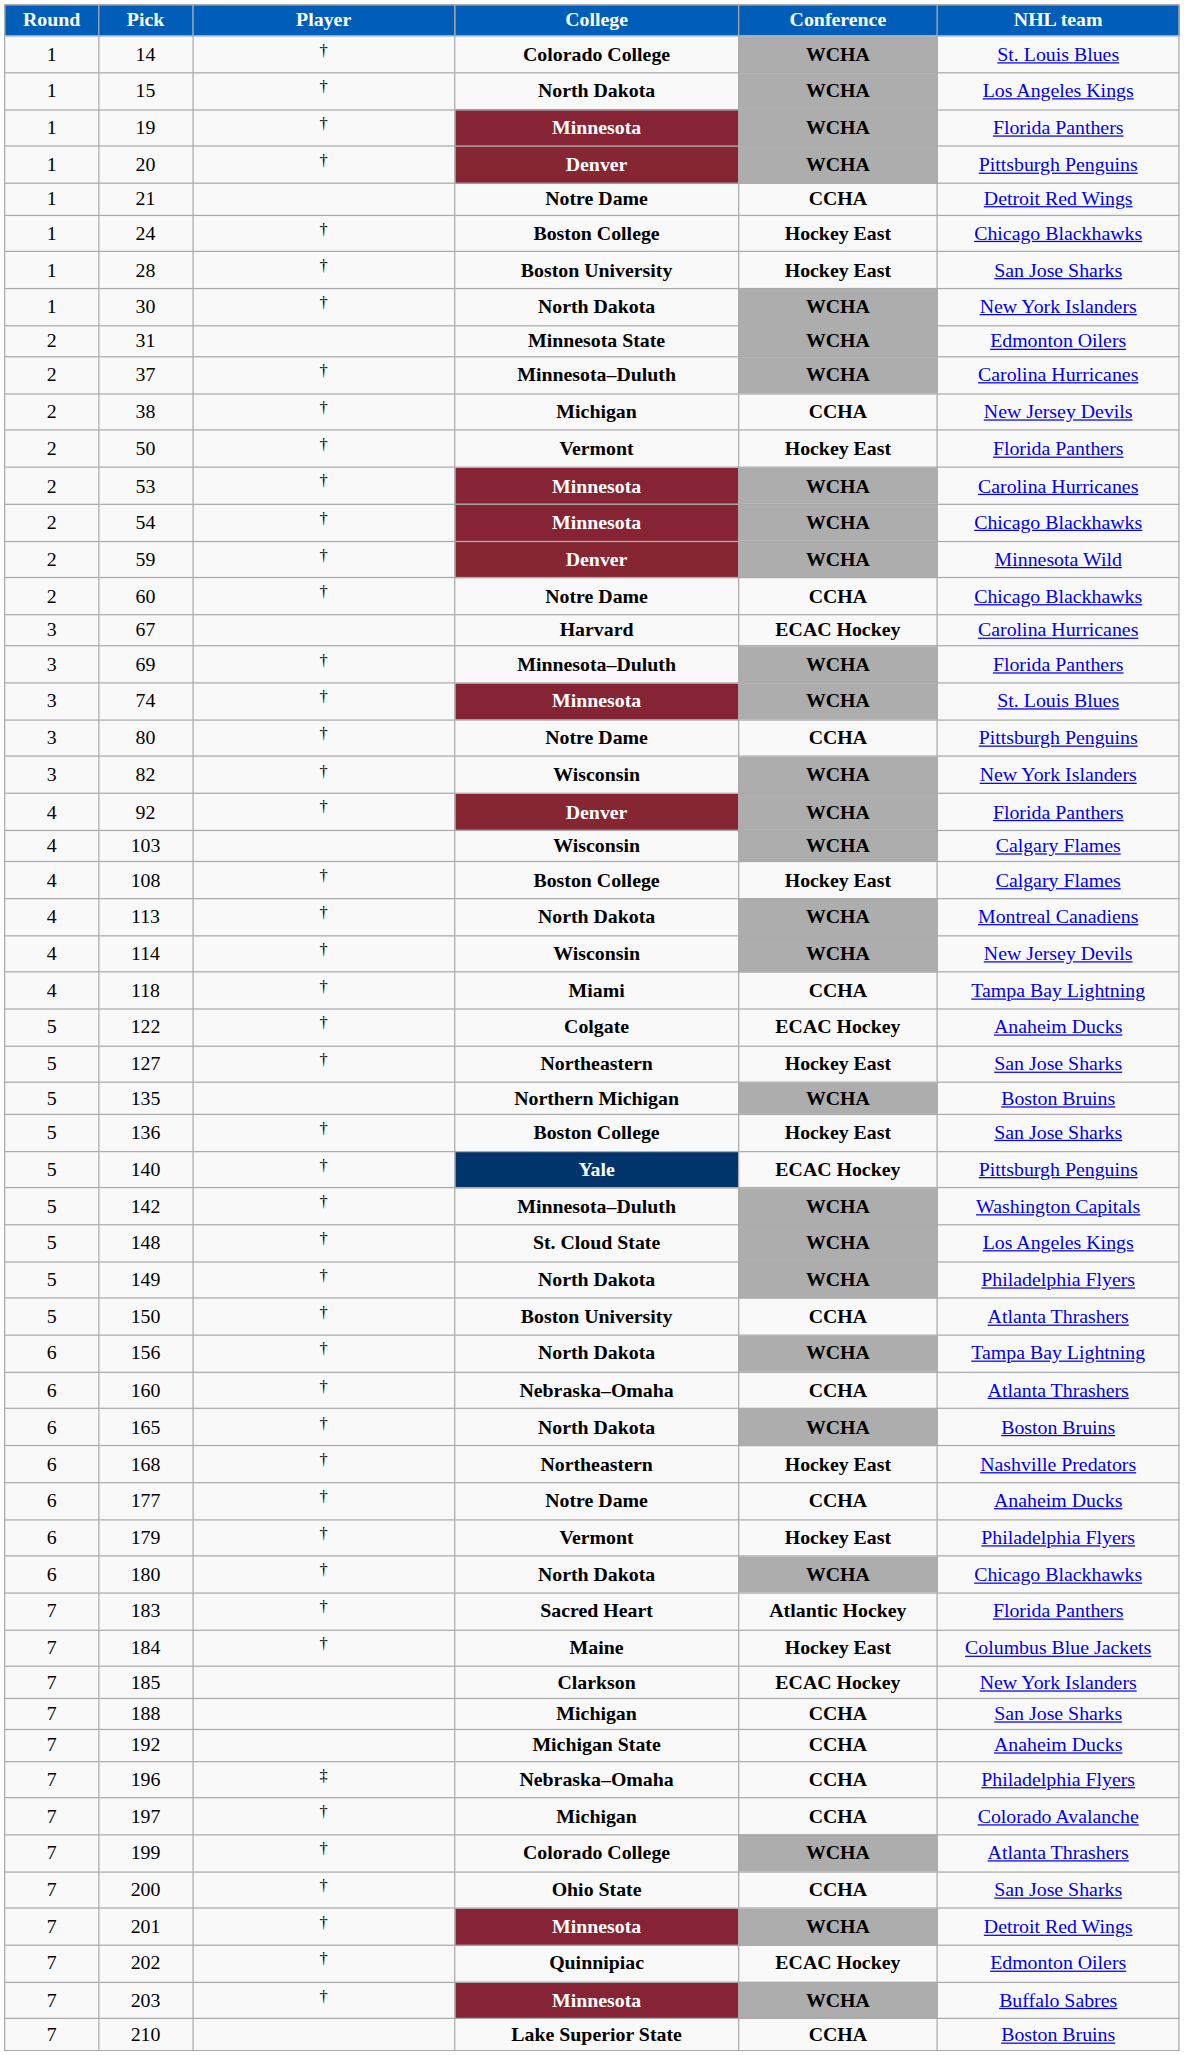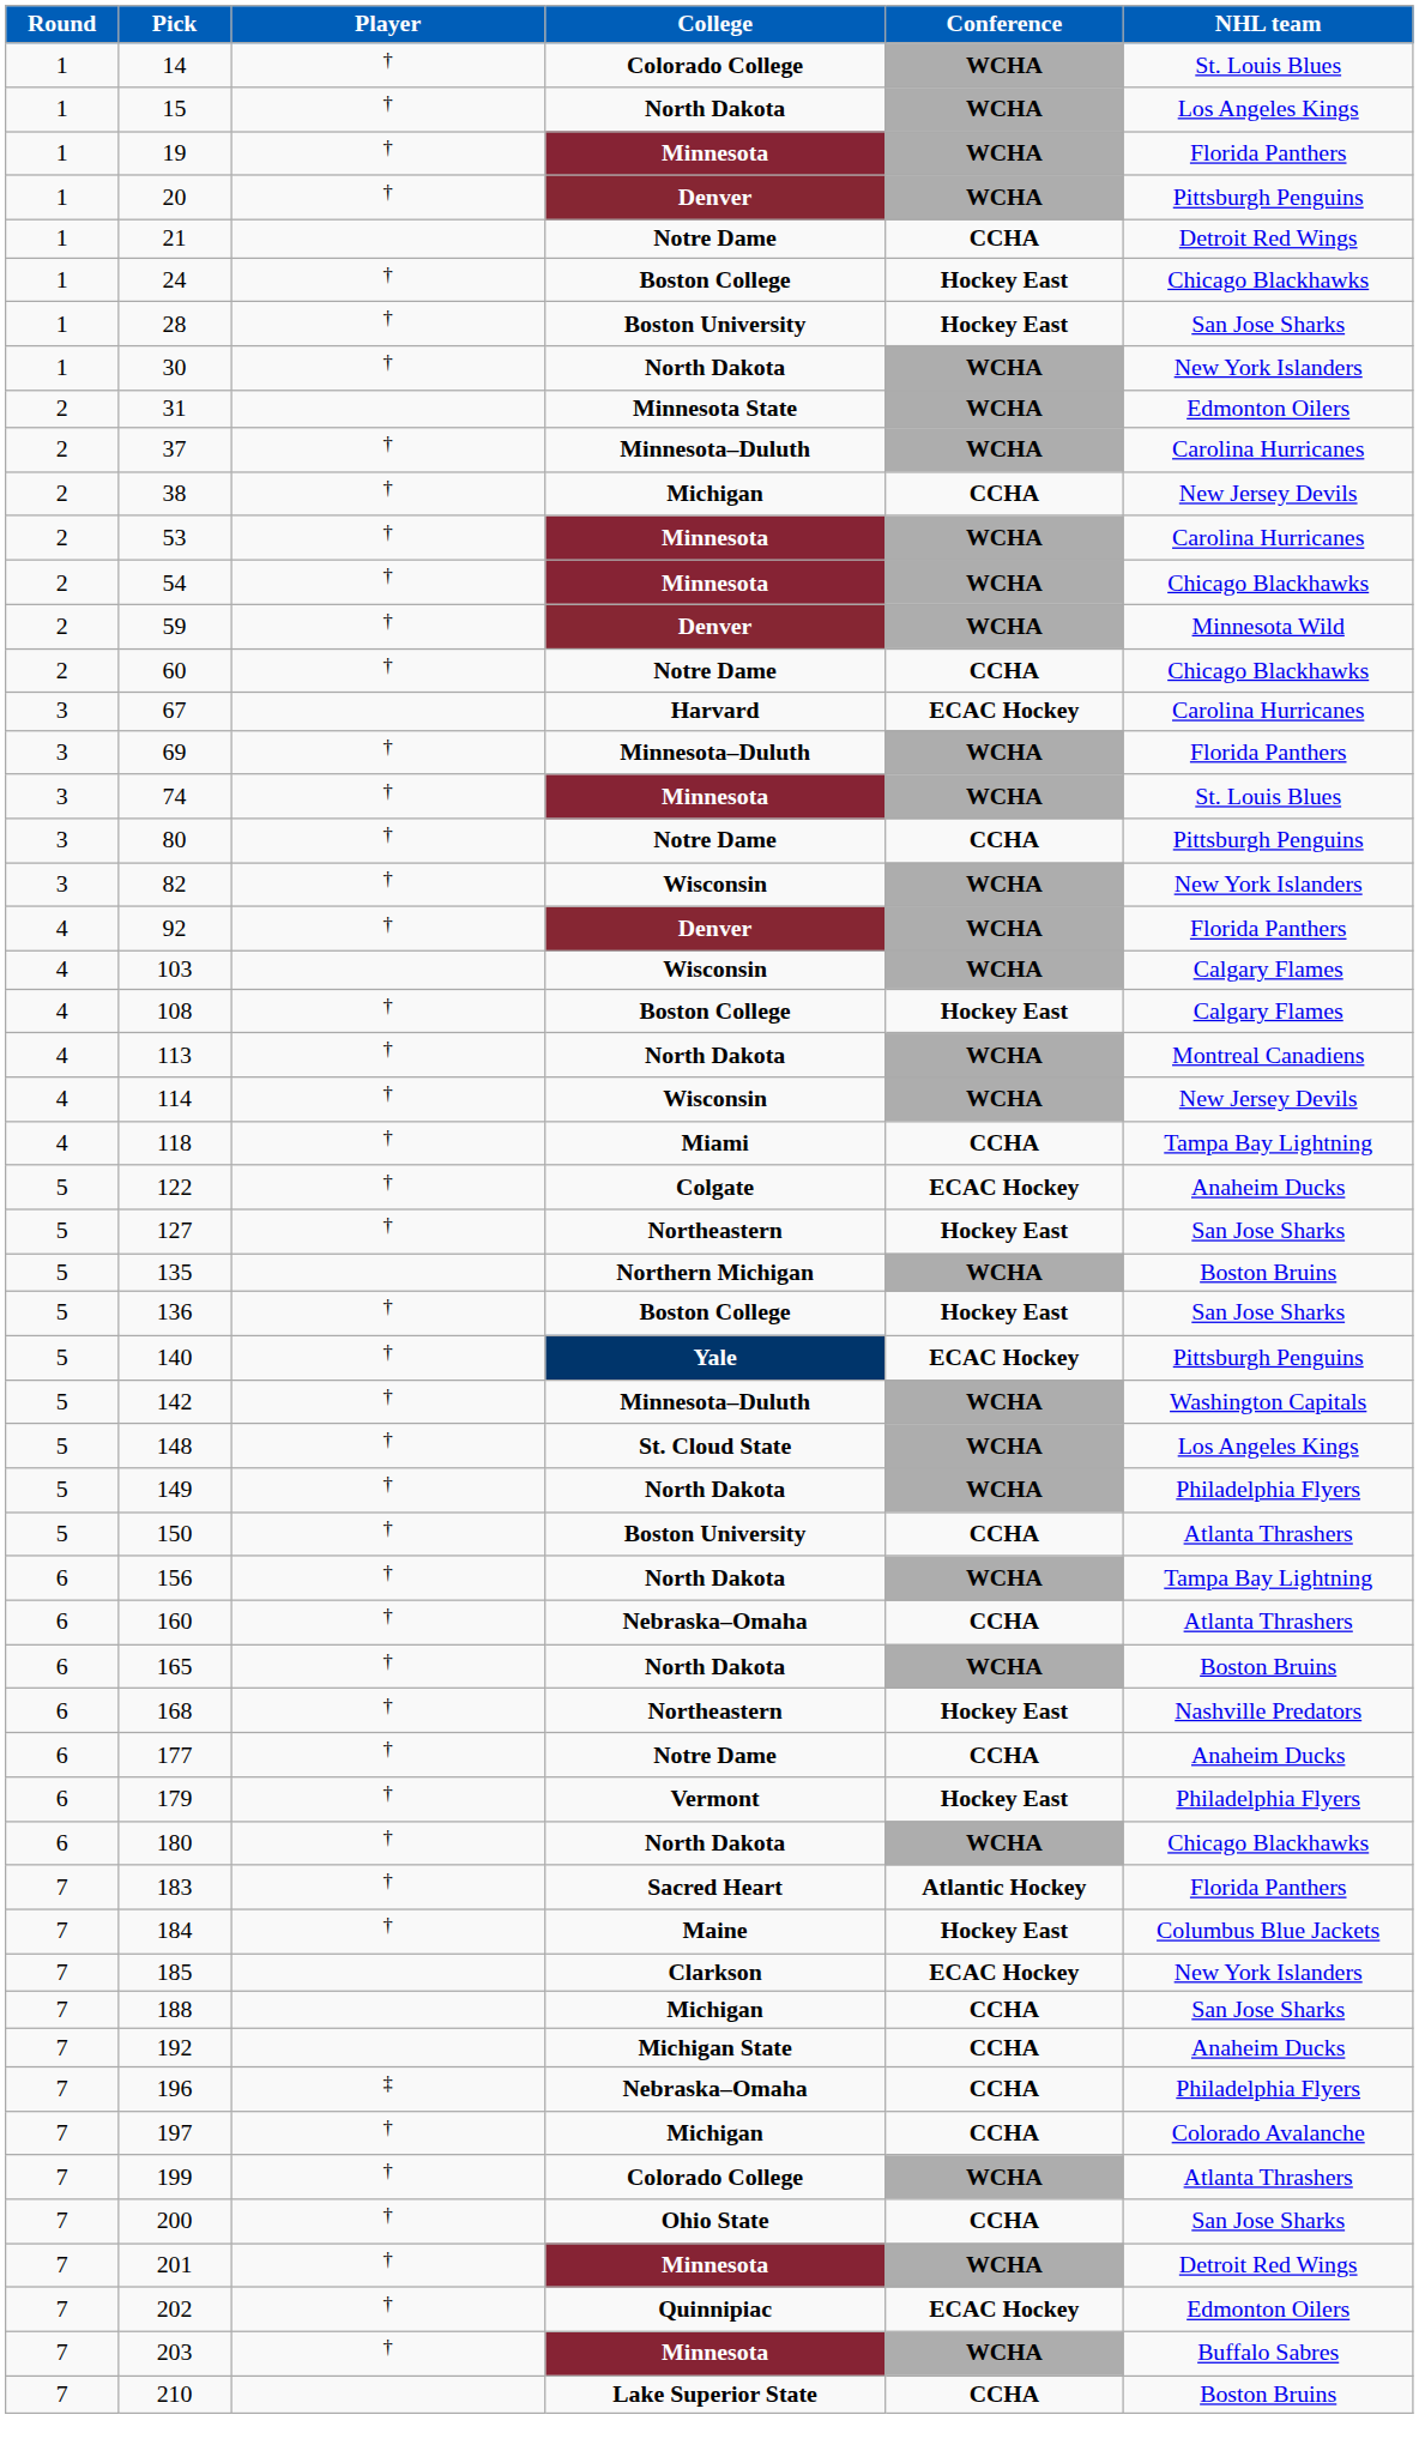 <table class="wikitable sortable" width="75%">
 <tr>
 <th style="color:white; background-color:#005EB8; width: 4em;">Round</th>
 <th style="color:white; background-color:#005EB8; width: 4em;">Pick</th>
 <th style="color:white; background-color:#005EB8; width: 12em;">Player</th>
 <th style="color:white; background-color:#005EB8; width: 13em;">College</th>
 <th style="color:white; background-color:#005EB8; width: 9em;">Conference</th>
 <th style="color:white; background-color:#005EB8; width: 11em;">NHL team</th>
 </tr>
 <tr align="center" bgcolor="">
 <td>1</td>
 <td>14</td>
 <td> <sup>†</sup></td>
 <td><strong>Colorado College</strong></td>
 <td style="color:black; background:#ADADAD; "><strong>WCHA</strong></td>
 <td><a href='#'>St. Louis Blues</a></td>
 </tr>
 <tr align="center" bgcolor="">
 <td>1</td>
 <td>15</td>
 <td> <sup>†</sup></td>
 <td><strong>North Dakota</strong></td>
 <td style="color:black; background:#ADADAD; "><strong>WCHA</strong></td>
 <td><a href='#'>Los Angeles Kings</a></td>
 </tr>
 <tr align="center" bgcolor="">
 <td>1</td>
 <td>19</td>
 <td> <sup>†</sup></td>
 <td style="color:white; background:#862334; "><strong>Minnesota</strong></td>
 <td style="color:black; background:#ADADAD; "><strong>WCHA</strong></td>
 <td><a href='#'>Florida Panthers</a></td>
 </tr>
 <tr align="center" bgcolor="">
 <td>1</td>
 <td>20</td>
 <td> <sup>†</sup></td>
 <td style="color:white; background:#862633; "><strong>Denver</strong></td>
 <td style="color:black; background:#ADADAD; "><strong>WCHA</strong></td>
 <td><a href='#'>Pittsburgh Penguins</a></td>
 </tr>
 <tr align="center" bgcolor="">
 <td>1</td>
 <td>21</td>
 <td></td>
 <td><strong>Notre Dame</strong></td>
 <td><strong>CCHA</strong></td>
 <td><a href='#'>Detroit Red Wings</a></td>
 </tr>
 <tr align="center" bgcolor="">
 <td>1</td>
 <td>24</td>
 <td> <sup>†</sup></td>
 <td><strong>Boston College</strong></td>
 <td><strong>Hockey East</strong></td>
 <td><a href='#'>Chicago Blackhawks</a></td>
 </tr>
 <tr align="center" bgcolor="">
 <td>1</td>
 <td>28</td>
 <td> <sup>†</sup></td>
 <td><strong>Boston University</strong></td>
 <td><strong>Hockey East</strong></td>
 <td><a href='#'>San Jose Sharks</a></td>
 </tr>
 <tr align="center" bgcolor="">
 <td>1</td>
 <td>30</td>
 <td> <sup>†</sup></td>
 <td><strong>North Dakota</strong></td>
 <td style="color:black; background:#ADADAD; "><strong>WCHA</strong></td>
 <td><a href='#'>New York Islanders</a></td>
 </tr>
 <tr align="center" bgcolor="">
 <td>2</td>
 <td>31</td>
 <td></td>
 <td><strong>Minnesota State</strong></td>
 <td style="color:black; background:#ADADAD; "><strong>WCHA</strong></td>
 <td><a href='#'>Edmonton Oilers</a></td>
 </tr>
 <tr align="center" bgcolor="">
 <td>2</td>
 <td>37</td>
 <td> <sup>†</sup></td>
 <td><strong>Minnesota–Duluth</strong></td>
 <td style="color:black; background:#ADADAD; "><strong>WCHA</strong></td>
 <td><a href='#'>Carolina Hurricanes</a></td>
 </tr>
 <tr align="center" bgcolor="">
 <td>2</td>
 <td>38</td>
 <td> <sup>†</sup></td>
 <td><strong>Michigan</strong></td>
 <td><strong>CCHA</strong></td>
 <td><a href='#'>New Jersey Devils</a></td>
-</tr>
-<tr align="center" bgcolor="">
-<td>2</td>
-<td>50</td>
-<td> <sup>†</sup></td>
-<td><strong>Vermont</strong></td>
-<td><strong>Hockey East</strong></td>
-<td><a href='#'>Florida Panthers</a></td>
 </tr>
 <tr align="center" bgcolor="">
 <td>2</td>
 <td>53</td>
 <td> <sup>†</sup></td>
 <td style="color:white; background:#862334; "><strong>Minnesota</strong></td>
 <td style="color:black; background:#ADADAD; "><strong>WCHA</strong></td>
 <td><a href='#'>Carolina Hurricanes</a></td>
 </tr>
 <tr align="center" bgcolor="">
 <td>2</td>
 <td>54</td>
 <td> <sup>†</sup></td>
 <td style="color:white; background:#862334; "><strong>Minnesota</strong></td>
 <td style="color:black; background:#ADADAD; "><strong>WCHA</strong></td>
 <td><a href='#'>Chicago Blackhawks</a></td>
 </tr>
 <tr align="center" bgcolor="">
 <td>2</td>
 <td>59</td>
 <td> <sup>†</sup></td>
 <td style="color:white; background:#862633; "><strong>Denver</strong></td>
 <td style="color:black; background:#ADADAD; "><strong>WCHA</strong></td>
 <td><a href='#'>Minnesota Wild</a></td>
 </tr>
 <tr align="center" bgcolor="">
 <td>2</td>
 <td>60</td>
 <td> <sup>†</sup></td>
 <td><strong>Notre Dame</strong></td>
 <td><strong>CCHA</strong></td>
 <td><a href='#'>Chicago Blackhawks</a></td>
 </tr>
 <tr align="center" bgcolor="">
 <td>3</td>
 <td>67</td>
 <td></td>
 <td><strong>Harvard</strong></td>
 <td><strong>ECAC Hockey</strong></td>
 <td><a href='#'>Carolina Hurricanes</a></td>
 </tr>
 <tr align="center" bgcolor="">
 <td>3</td>
 <td>69</td>
 <td> <sup>†</sup></td>
 <td><strong>Minnesota–Duluth</strong></td>
 <td style="color:black; background:#ADADAD; "><strong>WCHA</strong></td>
 <td><a href='#'>Florida Panthers</a></td>
 </tr>
 <tr align="center" bgcolor="">
 <td>3</td>
 <td>74</td>
 <td> <sup>†</sup></td>
 <td style="color:white; background:#862334; "><strong>Minnesota</strong></td>
 <td style="color:black; background:#ADADAD; "><strong>WCHA</strong></td>
 <td><a href='#'>St. Louis Blues</a></td>
 </tr>
 <tr align="center" bgcolor="">
 <td>3</td>
 <td>80</td>
 <td> <sup>†</sup></td>
 <td><strong>Notre Dame</strong></td>
 <td><strong>CCHA</strong></td>
 <td><a href='#'>Pittsburgh Penguins</a></td>
 </tr>
 <tr align="center" bgcolor="">
 <td>3</td>
 <td>82</td>
 <td> <sup>†</sup></td>
 <td><strong>Wisconsin</strong></td>
 <td style="color:black; background:#ADADAD; "><strong>WCHA</strong></td>
 <td><a href='#'>New York Islanders</a></td>
 </tr>
 <tr align="center" bgcolor="">
 <td>4</td>
 <td>92</td>
 <td> <sup>†</sup></td>
 <td style="color:white; background:#862633; "><strong>Denver</strong></td>
 <td style="color:black; background:#ADADAD; "><strong>WCHA</strong></td>
 <td><a href='#'>Florida Panthers</a></td>
 </tr>
 <tr align="center" bgcolor="">
 <td>4</td>
 <td>103</td>
 <td></td>
 <td><strong>Wisconsin</strong></td>
 <td style="color:black; background:#ADADAD; "><strong>WCHA</strong></td>
 <td><a href='#'>Calgary Flames</a></td>
 </tr>
 <tr align="center" bgcolor="">
 <td>4</td>
 <td>108</td>
 <td> <sup>†</sup></td>
 <td><strong>Boston College</strong></td>
 <td><strong>Hockey East</strong></td>
 <td><a href='#'>Calgary Flames</a></td>
 </tr>
 <tr align="center" bgcolor="">
 <td>4</td>
 <td>113</td>
 <td> <sup>†</sup></td>
 <td><strong>North Dakota</strong></td>
 <td style="color:black; background:#ADADAD; "><strong>WCHA</strong></td>
 <td><a href='#'>Montreal Canadiens</a></td>
 </tr>
 <tr align="center" bgcolor="">
 <td>4</td>
 <td>114</td>
 <td> <sup>†</sup></td>
 <td><strong>Wisconsin</strong></td>
 <td style="color:black; background:#ADADAD; "><strong>WCHA</strong></td>
 <td><a href='#'>New Jersey Devils</a></td>
 </tr>
 <tr align="center" bgcolor="">
 <td>4</td>
 <td>118</td>
 <td> <sup>†</sup></td>
 <td><strong>Miami</strong></td>
 <td><strong>CCHA</strong></td>
 <td><a href='#'>Tampa Bay Lightning</a></td>
 </tr>
 <tr align="center" bgcolor="">
 <td>5</td>
 <td>122</td>
 <td> <sup>†</sup></td>
 <td><strong>Colgate</strong></td>
 <td><strong>ECAC Hockey</strong></td>
 <td><a href='#'>Anaheim Ducks</a></td>
 </tr>
 <tr align="center" bgcolor="">
 <td>5</td>
 <td>127</td>
 <td> <sup>†</sup></td>
 <td><strong>Northeastern</strong></td>
 <td><strong>Hockey East</strong></td>
 <td><a href='#'>San Jose Sharks</a></td>
 </tr>
 <tr align="center" bgcolor="">
 <td>5</td>
 <td>135</td>
 <td></td>
 <td><strong>Northern Michigan</strong></td>
 <td style="color:black; background:#ADADAD; "><strong>WCHA</strong></td>
 <td><a href='#'>Boston Bruins</a></td>
 </tr>
 <tr align="center" bgcolor="">
 <td>5</td>
 <td>136</td>
 <td> <sup>†</sup></td>
 <td><strong>Boston College</strong></td>
 <td><strong>Hockey East</strong></td>
 <td><a href='#'>San Jose Sharks</a></td>
 </tr>
 <tr align="center" bgcolor="">
 <td>5</td>
 <td>140</td>
 <td> <sup>†</sup></td>
 <td style="color:white; background:#00356B"><strong>Yale</strong></td>
 <td><strong>ECAC Hockey</strong></td>
 <td><a href='#'>Pittsburgh Penguins</a></td>
 </tr>
 <tr align="center" bgcolor="">
 <td>5</td>
 <td>142</td>
 <td> <sup>†</sup></td>
 <td><strong>Minnesota–Duluth</strong></td>
 <td style="color:black; background:#ADADAD; "><strong>WCHA</strong></td>
 <td><a href='#'>Washington Capitals</a></td>
 </tr>
 <tr align="center" bgcolor="">
 <td>5</td>
 <td>148</td>
 <td> <sup>†</sup></td>
 <td><strong>St. Cloud State</strong></td>
 <td style="color:black; background:#ADADAD; "><strong>WCHA</strong></td>
 <td><a href='#'>Los Angeles Kings</a></td>
 </tr>
 <tr align="center" bgcolor="">
 <td>5</td>
 <td>149</td>
 <td> <sup>†</sup></td>
 <td><strong>North Dakota</strong></td>
 <td style="color:black; background:#ADADAD; "><strong>WCHA</strong></td>
 <td><a href='#'>Philadelphia Flyers</a></td>
 </tr>
 <tr align="center" bgcolor="">
 <td>5</td>
 <td>150</td>
 <td> <sup>†</sup></td>
 <td><strong>Boston University</strong></td>
 <td><strong>CCHA</strong></td>
 <td><a href='#'>Atlanta Thrashers</a></td>
 </tr>
 <tr align="center" bgcolor="">
 <td>6</td>
 <td>156</td>
 <td> <sup>†</sup></td>
 <td><strong>North Dakota</strong></td>
 <td style="color:black; background:#ADADAD; "><strong>WCHA</strong></td>
 <td><a href='#'>Tampa Bay Lightning</a></td>
 </tr>
 <tr align="center" bgcolor="">
 <td>6</td>
 <td>160</td>
 <td> <sup>†</sup></td>
 <td><strong>Nebraska–Omaha</strong></td>
 <td><strong>CCHA</strong></td>
 <td><a href='#'>Atlanta Thrashers</a></td>
 </tr>
 <tr align="center" bgcolor="">
 <td>6</td>
 <td>165</td>
 <td> <sup>†</sup></td>
 <td><strong>North Dakota</strong></td>
 <td style="color:black; background:#ADADAD; "><strong>WCHA</strong></td>
 <td><a href='#'>Boston Bruins</a></td>
 </tr>
 <tr align="center" bgcolor="">
 <td>6</td>
 <td>168</td>
 <td> <sup>†</sup></td>
 <td><strong>Northeastern</strong></td>
 <td><strong>Hockey East</strong></td>
 <td><a href='#'>Nashville Predators</a></td>
 </tr>
 <tr align="center" bgcolor="">
 <td>6</td>
 <td>177</td>
 <td> <sup>†</sup></td>
 <td><strong>Notre Dame</strong></td>
 <td><strong>CCHA</strong></td>
 <td><a href='#'>Anaheim Ducks</a></td>
 </tr>
 <tr align="center" bgcolor="">
 <td>6</td>
 <td>179</td>
 <td> <sup>†</sup></td>
 <td><strong>Vermont</strong></td>
 <td><strong>Hockey East</strong></td>
 <td><a href='#'>Philadelphia Flyers</a></td>
 </tr>
 <tr align="center" bgcolor="">
 <td>6</td>
 <td>180</td>
 <td> <sup>†</sup></td>
 <td><strong>North Dakota</strong></td>
 <td style="color:black; background:#ADADAD; "><strong>WCHA</strong></td>
 <td><a href='#'>Chicago Blackhawks</a></td>
 </tr>
 <tr align="center" bgcolor="">
 <td>7</td>
 <td>183</td>
 <td> <sup>†</sup></td>
 <td><strong>Sacred Heart</strong></td>
 <td><strong>Atlantic Hockey</strong></td>
 <td><a href='#'>Florida Panthers</a></td>
 </tr>
 <tr align="center" bgcolor="">
 <td>7</td>
 <td>184</td>
 <td> <sup>†</sup></td>
 <td><strong>Maine</strong></td>
 <td><strong>Hockey East</strong></td>
 <td><a href='#'>Columbus Blue Jackets</a></td>
 </tr>
 <tr align="center" bgcolor="">
 <td>7</td>
 <td>185</td>
 <td></td>
 <td><strong>Clarkson</strong></td>
 <td><strong>ECAC Hockey</strong></td>
 <td><a href='#'>New York Islanders</a></td>
 </tr>
 <tr align="center" bgcolor="">
 <td>7</td>
 <td>188</td>
 <td></td>
 <td><strong>Michigan</strong></td>
 <td><strong>CCHA</strong></td>
 <td><a href='#'>San Jose Sharks</a></td>
 </tr>
 <tr align="center" bgcolor="">
 <td>7</td>
 <td>192</td>
 <td></td>
 <td><strong>Michigan State</strong></td>
 <td><strong>CCHA</strong></td>
 <td><a href='#'>Anaheim Ducks</a></td>
 </tr>
 <tr align="center" bgcolor="">
 <td>7</td>
 <td>196</td>
 <td> <sup>‡</sup></td>
 <td><strong>Nebraska–Omaha</strong></td>
 <td><strong>CCHA</strong></td>
 <td><a href='#'>Philadelphia Flyers</a></td>
 </tr>
 <tr align="center" bgcolor="">
 <td>7</td>
 <td>197</td>
 <td> <sup>†</sup></td>
 <td><strong>Michigan</strong></td>
 <td><strong>CCHA</strong></td>
 <td><a href='#'>Colorado Avalanche</a></td>
 </tr>
 <tr align="center" bgcolor="">
 <td>7</td>
 <td>199</td>
 <td> <sup>†</sup></td>
 <td><strong>Colorado College</strong></td>
 <td style="color:black; background:#ADADAD; "><strong>WCHA</strong></td>
 <td><a href='#'>Atlanta Thrashers</a></td>
 </tr>
 <tr align="center" bgcolor="">
 <td>7</td>
 <td>200</td>
 <td> <sup>†</sup></td>
 <td><strong>Ohio State</strong></td>
 <td><strong>CCHA</strong></td>
 <td><a href='#'>San Jose Sharks</a></td>
 </tr>
 <tr align="center" bgcolor="">
 <td>7</td>
 <td>201</td>
 <td> <sup>†</sup></td>
 <td style="color:white; background:#862334; "><strong>Minnesota</strong></td>
 <td style="color:black; background:#ADADAD; "><strong>WCHA</strong></td>
 <td><a href='#'>Detroit Red Wings</a></td>
 </tr>
 <tr align="center" bgcolor="">
 <td>7</td>
 <td>202</td>
 <td> <sup>†</sup></td>
 <td><strong>Quinnipiac</strong></td>
 <td><strong>ECAC Hockey</strong></td>
 <td><a href='#'>Edmonton Oilers</a></td>
 </tr>
 <tr align="center" bgcolor="">
 <td>7</td>
 <td>203</td>
 <td> <sup>†</sup></td>
 <td style="color:white; background:#862334; "><strong>Minnesota</strong></td>
 <td style="color:black; background:#ADADAD; "><strong>WCHA</strong></td>
 <td><a href='#'>Buffalo Sabres</a></td>
 </tr>
 <tr align="center" bgcolor="">
 <td>7</td>
 <td>210</td>
 <td></td>
 <td><strong>Lake Superior State</strong></td>
 <td><strong>CCHA</strong></td>
 <td><a href='#'>Boston Bruins</a></td>
 </tr>
 </table>
